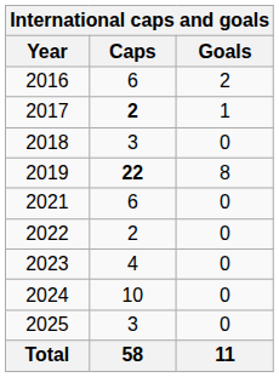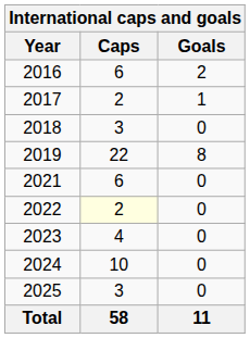 <table class="wikitable sortable" style="text-align:center">
 <tr>
 <th colspan="3">International caps and goals</th>
 </tr>
 <tr>
 <th>Year</th>
 <th>Caps</th>
 <th>Goals</th>
 </tr>
 <tr>
 <td>2016</td>
 <td>6</td>
 <td>2</td>
 </tr>
 <tr>
 <td>2017</td>
-<td><strong>2</strong></td>
+<td>2</td>
 <td>1</td>
 </tr>
 <tr>
 <td>2018</td>
 <td>3</td>
 <td>0</td>
 </tr>
 <tr>
 <td>2019</td>
-<td><strong>22</strong></td>
+<td>22</td>
 <td>8</td>
 </tr>
 <tr>
 <td>2021</td>
 <td>6</td>
 <td>0</td>
 </tr>
 <tr>
 <td>2022</td>
-<td>2</td>
+<td style="background: lightyellow;">2</td>
 <td>0</td>
 </tr>
 <tr>
 <td>2023</td>
 <td>4</td>
 <td>0</td>
 </tr>
 <tr>
 <td>2024</td>
 <td>10</td>
 <td>0</td>
 </tr>
 <tr>
 <td>2025</td>
 <td>3</td>
 <td>0</td>
 </tr>
 <tr>
 <th>Total</th>
 <th>58</th>
 <th>11</th>
 </tr>
 </table>
